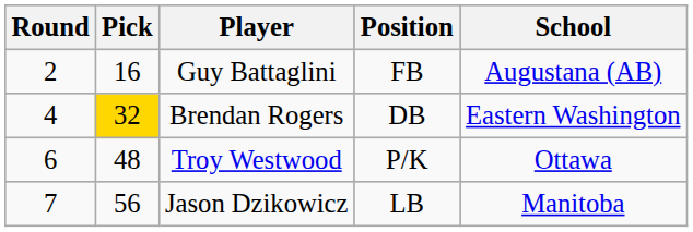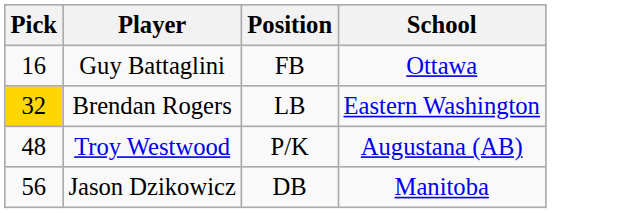 <table class="wikitable" style="font-size: 95%;">
 <tr>
-<th scope="col">Round</th>
 <th scope="col">Pick</th>
 <th scope="col">Player</th>
 <th scope="col">Position</th>
 <th scope="col">School</th>
 </tr>
 <tr align="center">
-<td align=center>2</td>
 <td>16</td>
 <td>Guy Battaglini</td>
 <td>FB</td>
+<td><a href='#'>Ottawa</a></td>
+</tr>
+<tr align="center">
+<td style="background: gold;">32</td>
+<td>Brendan Rogers</td>
+<td>LB</td>
+<td><a href='#'>Eastern Washington</a></td>
+</tr>
+<tr align="center">
+<td>48</td>
+<td><a href='#'>Troy Westwood</a></td>
+<td>P/K</td>
 <td><a href='#'>Augustana (AB)</a></td>
 </tr>
 <tr align="center">
-<td align=center>4</td>
-<td style="background: gold;">32</td>
-<td>Brendan Rogers</td>
-<td>DB</td>
-<td><a href='#'>Eastern Washington</a></td>
-</tr>
-<tr align="center">
-<td align=center>6</td>
-<td>48</td>
-<td><a href='#'>Troy Westwood</a></td>
-<td>P/K</td>
-<td><a href='#'>Ottawa</a></td>
-</tr>
-<tr align="center">
-<td align=center>7</td>
 <td>56</td>
 <td>Jason Dzikowicz</td>
-<td>LB</td>
+<td>DB</td>
 <td><a href='#'>Manitoba</a></td>
 </tr>
 </table>
